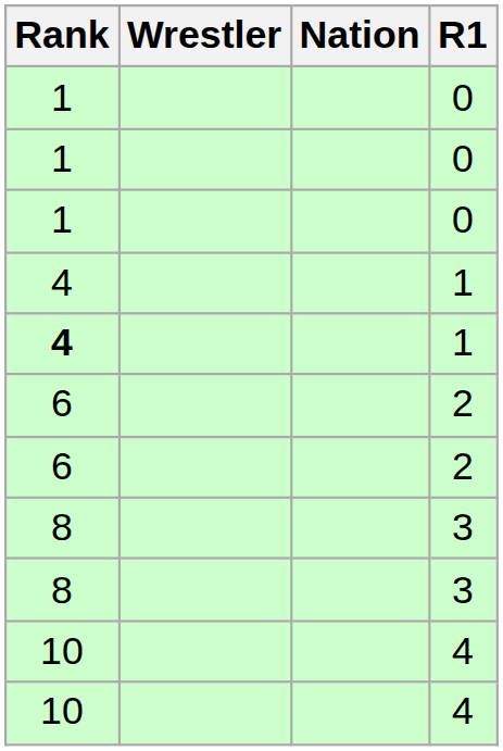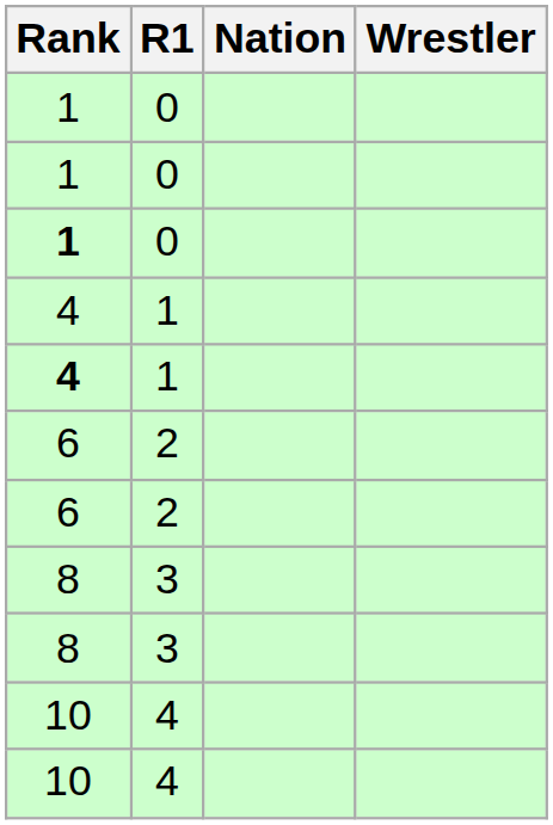 <table class="wikitable sortable" style="text-align:center;">
 <tr>
 <th>Rank</th>
+<th>R1</th>
+<th>Nation</th>
 <th>Wrestler</th>
-<th>Nation</th>
-<th>R1</th>
 </tr>
 <tr style="background:#cfc;">
 <td>1</td>
+<td>0</td>
 <td align=left></td>
 <td align=left></td>
-<td>0</td>
 </tr>
 <tr style="background:#cfc;">
 <td>1</td>
+<td>0</td>
 <td align=left></td>
 <td align=left></td>
-<td>0</td>
 </tr>
 <tr style="background:#cfc;">
+<td><strong>1</strong></td>
+<td>0</td>
+<td align=left></td>
+<td align=left></td>
+</tr>
+<tr style="background:#cfc;">
+<td>4</td>
 <td>1</td>
 <td align=left></td>
 <td align=left></td>
-<td>0</td>
 </tr>
 <tr style="background:#cfc;">
+<td><strong>4</strong></td>
+<td>1</td>
+<td align=left></td>
+<td align=left></td>
+</tr>
+<tr style="background:#cfc;">
+<td>6</td>
+<td>2</td>
+<td align=left></td>
+<td align=left></td>
+</tr>
+<tr style="background:#cfc;">
+<td>6</td>
+<td>2</td>
+<td align=left></td>
+<td align=left></td>
+</tr>
+<tr style="background:#cfc;">
+<td>8</td>
+<td>3</td>
+<td align=left></td>
+<td align=left></td>
+</tr>
+<tr style="background:#cfc;">
+<td>8</td>
+<td>3</td>
+<td align=left></td>
+<td align=left></td>
+</tr>
+<tr style="background:#cfc;">
+<td>10</td>
 <td>4</td>
 <td align=left></td>
 <td align=left></td>
-<td>1</td>
-</tr>
-<tr style="background:#cfc;">
-<td><strong>4</strong></td>
-<td align=left></td>
-<td align=left></td>
-<td>1</td>
-</tr>
-<tr style="background:#cfc;">
-<td>6</td>
-<td align=left></td>
-<td align=left></td>
-<td>2</td>
-</tr>
-<tr style="background:#cfc;">
-<td>6</td>
-<td align=left></td>
-<td align=left></td>
-<td>2</td>
-</tr>
-<tr style="background:#cfc;">
-<td>8</td>
-<td align=left></td>
-<td align=left></td>
-<td>3</td>
-</tr>
-<tr style="background:#cfc;">
-<td>8</td>
-<td align=left></td>
-<td align=left></td>
-<td>3</td>
 </tr>
 <tr style="background:#cfc;">
 <td>10</td>
+<td>4</td>
 <td align=left></td>
 <td align=left></td>
-<td>4</td>
-</tr>
-<tr style="background:#cfc;">
-<td>10</td>
-<td align=left></td>
-<td align=left></td>
-<td>4</td>
 </tr>
 </table>
